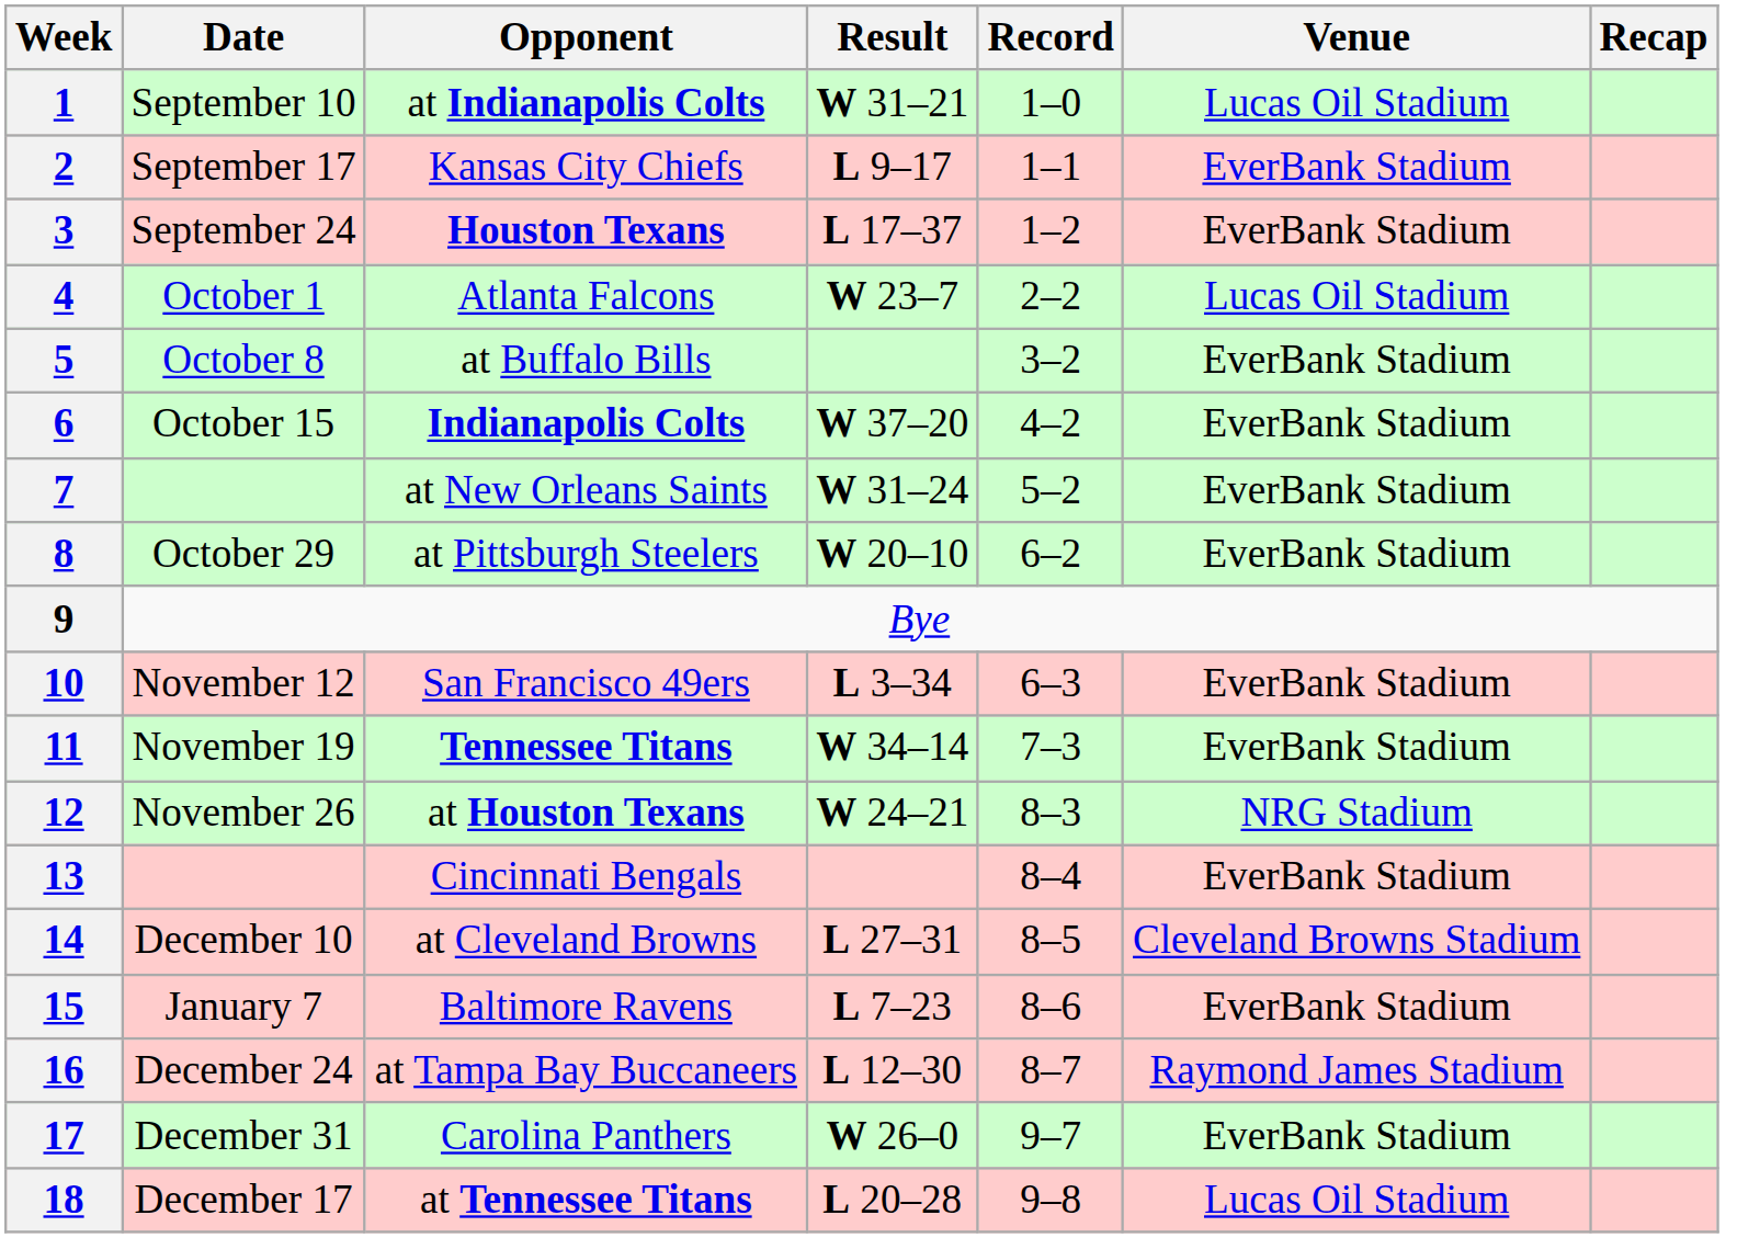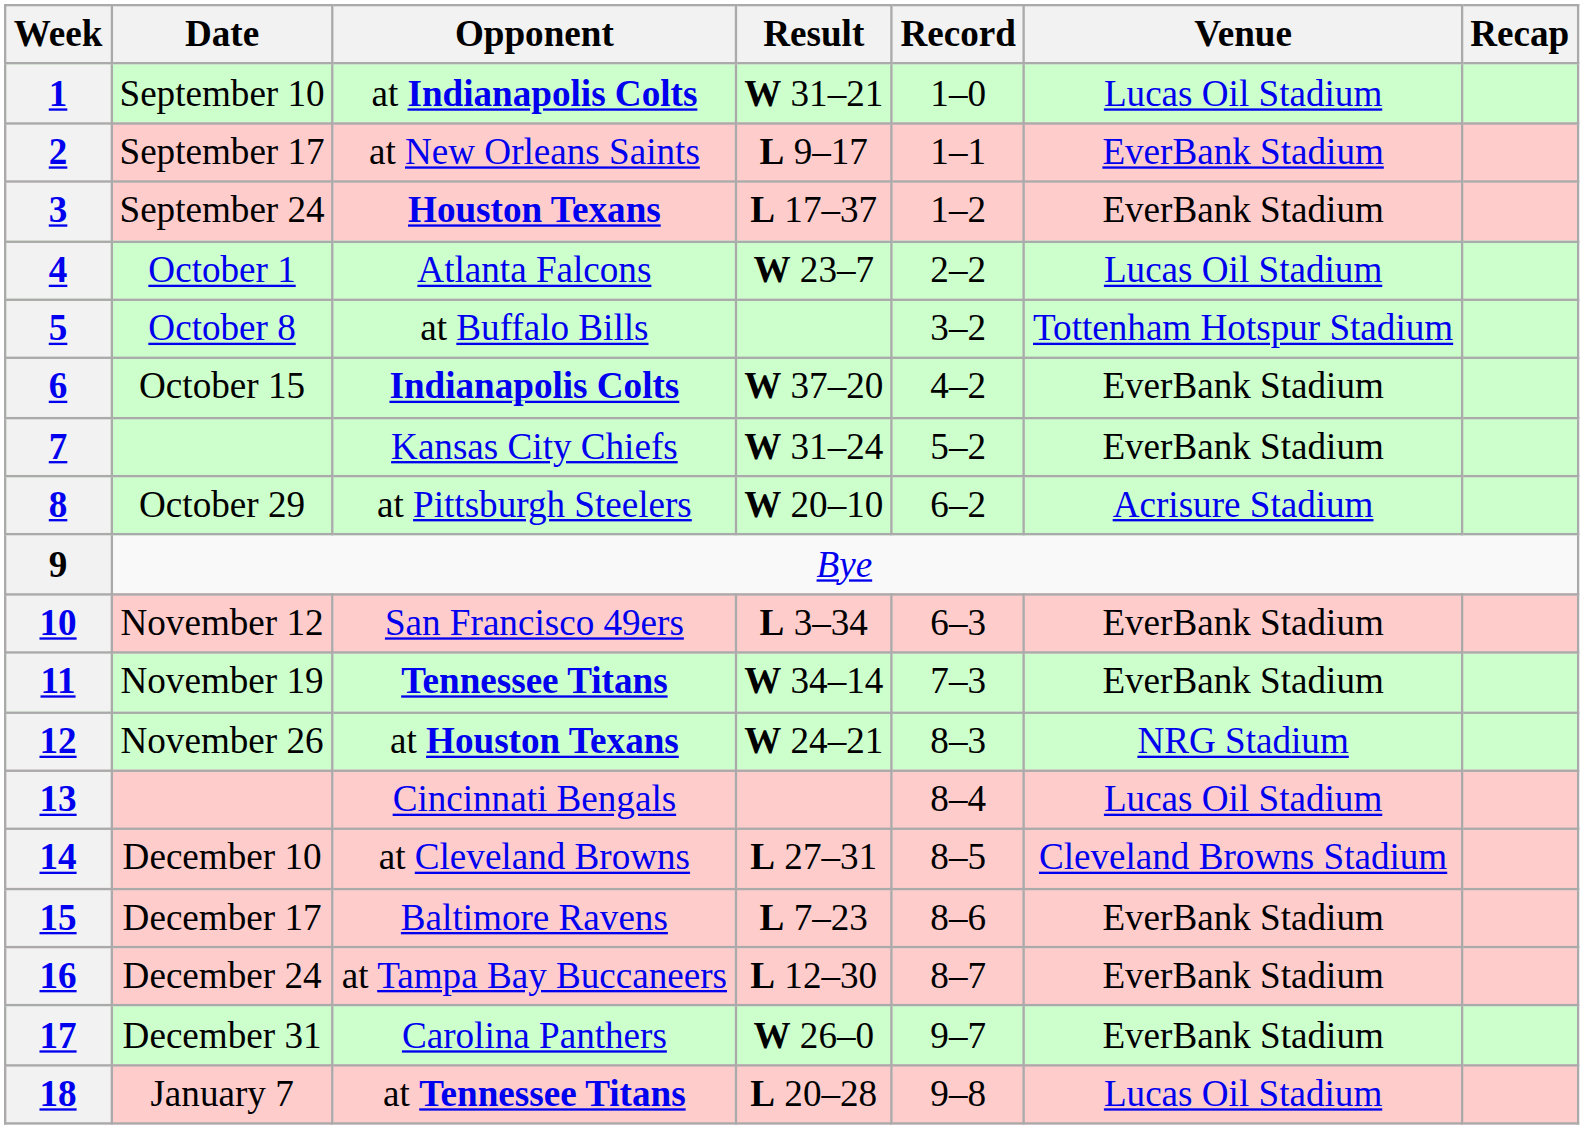 <table class="wikitable" style="text-align:center">
 <tr>
 <th>Week</th>
 <th>Date</th>
 <th>Opponent</th>
 <th>Result</th>
 <th>Record</th>
 <th>Venue</th>
 <th>Recap</th>
 </tr>
 <tr style="background:#cfc">
 <th><a href='#'>1</a></th>
 <td>September 10</td>
 <td>at <strong><a href='#'>Indianapolis Colts</a></strong></td>
 <td><strong>W</strong> 31–21</td>
 <td>1–0</td>
 <td><a href='#'>Lucas Oil Stadium</a></td>
 <td></td>
 </tr>
 <tr style="background:#fcc">
 <th><a href='#'>2</a></th>
 <td>September 17</td>
-<td><a href='#'>Kansas City Chiefs</a></td>
+<td>at <a href='#'>New Orleans Saints</a></td>
 <td><strong>L</strong> 9–17</td>
 <td>1–1</td>
 <td><a href='#'>EverBank Stadium</a></td>
 <td></td>
 </tr>
 <tr style="background:#fcc">
 <th><a href='#'>3</a></th>
 <td>September 24</td>
 <td><strong><a href='#'>Houston Texans</a></strong></td>
 <td><strong>L</strong> 17–37</td>
 <td>1–2</td>
 <td>EverBank Stadium</td>
 <td></td>
 </tr>
 <tr style="background:#cfc">
 <th><a href='#'>4</a></th>
 <td><a href='#'>October 1</a></td>
 <td><a href='#'>Atlanta Falcons</a></td>
 <td><strong>W</strong> 23–7</td>
 <td>2–2</td>
 <td><a href='#'>Lucas Oil Stadium</a></td>
 <td></td>
 </tr>
 <tr style="background:#cfc">
 <th><a href='#'>5</a></th>
 <td><a href='#'>October 8</a></td>
 <td>at <a href='#'>Buffalo Bills</a></td>
 <td></td>
 <td>3–2</td>
-<td>EverBank Stadium</td>
+<td> <a href='#'>Tottenham Hotspur Stadium</a> </td>
 <td></td>
 </tr>
 <tr style="background:#cfc">
 <th><a href='#'>6</a></th>
 <td>October 15</td>
 <td><strong><a href='#'>Indianapolis Colts</a></strong></td>
 <td><strong>W</strong> 37–20</td>
 <td>4–2</td>
 <td>EverBank Stadium</td>
 <td></td>
 </tr>
 <tr style="background:#cfc">
 <th><a href='#'>7</a></th>
 <td></td>
-<td>at <a href='#'>New Orleans Saints</a></td>
+<td><a href='#'>Kansas City Chiefs</a></td>
 <td><strong>W</strong> 31–24</td>
 <td>5–2</td>
 <td>EverBank Stadium</td>
 <td></td>
 </tr>
 <tr style="background:#cfc">
 <th><a href='#'>8</a></th>
 <td>October 29</td>
 <td>at <a href='#'>Pittsburgh Steelers</a></td>
 <td><strong>W</strong> 20–10</td>
 <td>6–2</td>
-<td>EverBank Stadium</td>
+<td><a href='#'>Acrisure Stadium</a></td>
 <td></td>
 </tr>
 <tr>
 <th>9</th>
 <td colspan="6"><em><a href='#'>Bye</a></em></td>
 </tr>
 <tr style="background:#fcc">
 <th><a href='#'>10</a></th>
 <td>November 12</td>
 <td><a href='#'>San Francisco 49ers</a></td>
 <td><strong>L</strong> 3–34</td>
 <td>6–3</td>
 <td>EverBank Stadium</td>
 <td></td>
 </tr>
 <tr style="background:#cfc">
 <th><a href='#'>11</a></th>
 <td>November 19</td>
 <td><strong><a href='#'>Tennessee Titans</a></strong></td>
 <td><strong>W</strong> 34–14</td>
 <td>7–3</td>
 <td>EverBank Stadium</td>
 <td></td>
 </tr>
 <tr style="background:#cfc">
 <th><a href='#'>12</a></th>
 <td>November 26</td>
 <td>at <strong><a href='#'>Houston Texans</a></strong></td>
 <td><strong>W</strong> 24–21</td>
 <td>8–3</td>
 <td><a href='#'>NRG Stadium</a></td>
 <td></td>
 </tr>
 <tr style="background:#fcc">
 <th><a href='#'>13</a></th>
 <td></td>
 <td><a href='#'>Cincinnati Bengals</a></td>
 <td></td>
 <td>8–4</td>
-<td>EverBank Stadium</td>
+<td><a href='#'>Lucas Oil Stadium</a></td>
 <td></td>
 </tr>
 <tr style="background:#fcc">
 <th><a href='#'>14</a></th>
 <td>December 10</td>
 <td>at <a href='#'>Cleveland Browns</a></td>
 <td><strong>L</strong> 27–31</td>
 <td>8–5</td>
 <td><a href='#'>Cleveland Browns Stadium</a></td>
 <td></td>
 </tr>
 <tr style="background:#fcc">
 <th><a href='#'>15</a></th>
-<td>January 7</td>
+<td>December 17</td>
 <td><a href='#'>Baltimore Ravens</a></td>
 <td><strong>L</strong> 7–23</td>
 <td>8–6</td>
 <td>EverBank Stadium</td>
 <td></td>
 </tr>
 <tr style="background:#fcc">
 <th><a href='#'>16</a></th>
 <td>December 24</td>
 <td>at <a href='#'>Tampa Bay Buccaneers</a></td>
 <td><strong>L</strong> 12–30</td>
 <td>8–7</td>
-<td><a href='#'>Raymond James Stadium</a></td>
+<td>EverBank Stadium</td>
 <td></td>
 </tr>
 <tr style="background:#cfc">
 <th><a href='#'>17</a></th>
 <td>December 31</td>
 <td><a href='#'>Carolina Panthers</a></td>
 <td><strong>W</strong> 26–0</td>
 <td>9–7</td>
 <td>EverBank Stadium</td>
 <td></td>
 </tr>
 <tr style="background:#fcc">
 <th><a href='#'>18</a></th>
-<td>December 17</td>
+<td>January 7</td>
 <td>at <strong><a href='#'>Tennessee Titans</a></strong></td>
 <td><strong>L</strong> 20–28</td>
 <td>9–8</td>
 <td><a href='#'>Lucas Oil Stadium</a></td>
 <td></td>
 </tr>
 </table>
